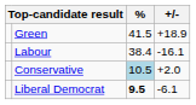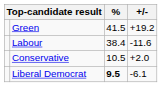 <table class="wikitable">
 <tr>
 <th colspan="2">Top-candidate result</th>
 <th>%</th>
 <th>+/-</th>
 </tr>
 <tr>
 <td style="background-color: "></td>
 <td><a href='#'>Green</a></td>
 <td>41.5</td>
-<td>+18.9</td>
+<td>+19.2</td>
 </tr>
 <tr>
 <td style="background-color: "></td>
 <td><a href='#'>Labour</a></td>
 <td>38.4</td>
-<td>-16.1</td>
+<td>-11.6</td>
 </tr>
 <tr>
 <td style="background-color: "></td>
 <td><a href='#'>Conservative</a></td>
-<td style="background: lightblue;">10.5</td>
+<td>10.5</td>
 <td>+2.0</td>
 </tr>
 <tr>
 <td style="background-color: "></td>
 <td><a href='#'>Liberal Democrat</a></td>
 <td><strong>9.5</strong></td>
 <td>-6.1</td>
 </tr>
 </table>
